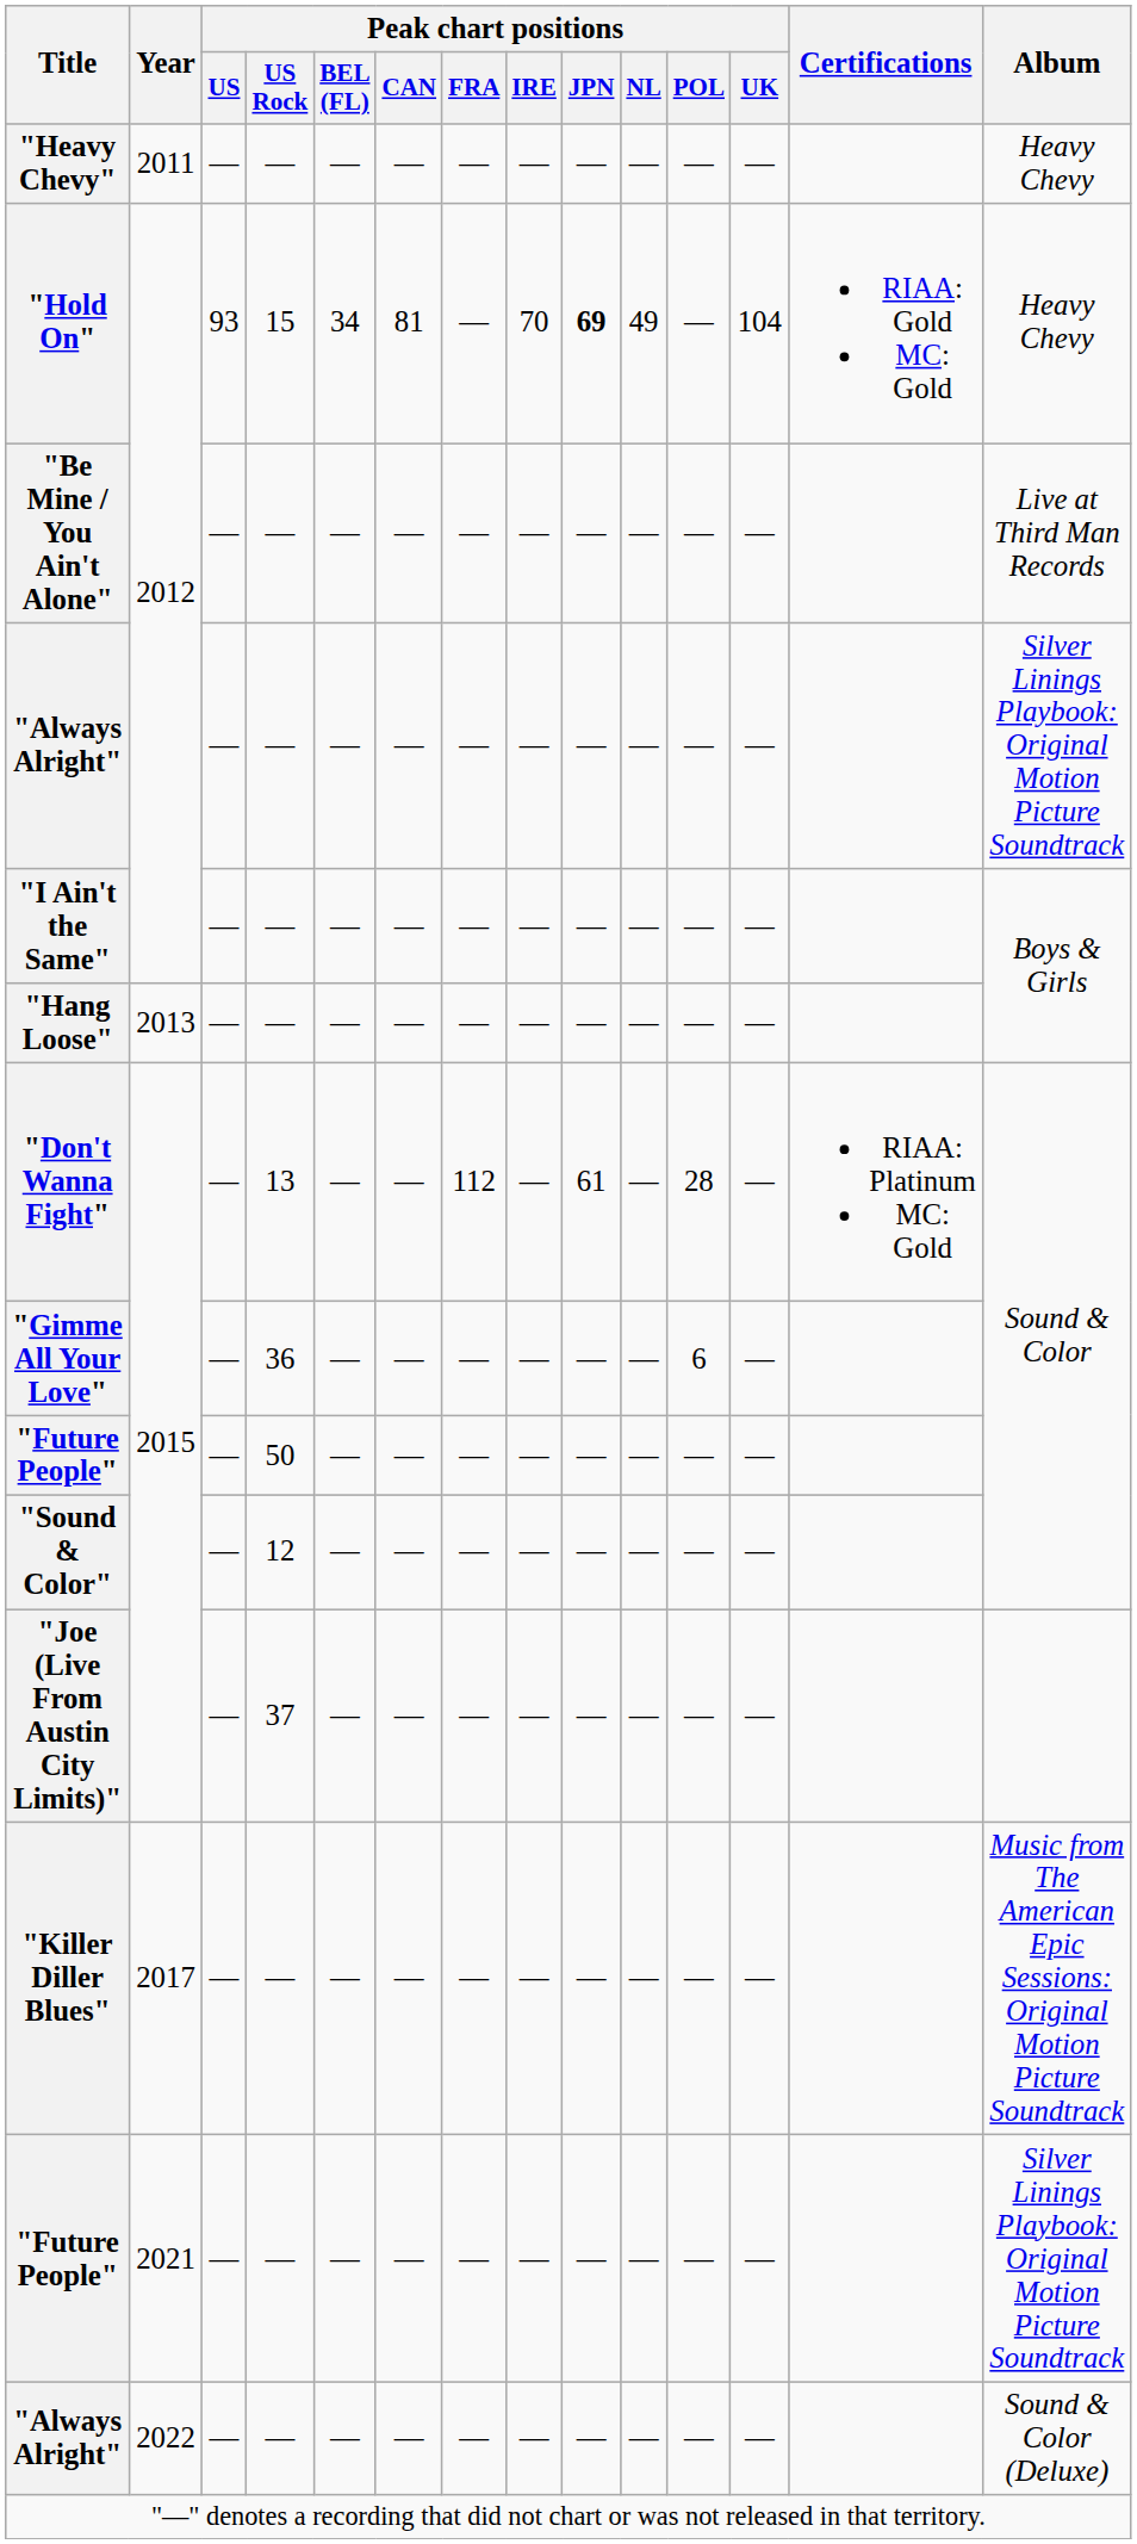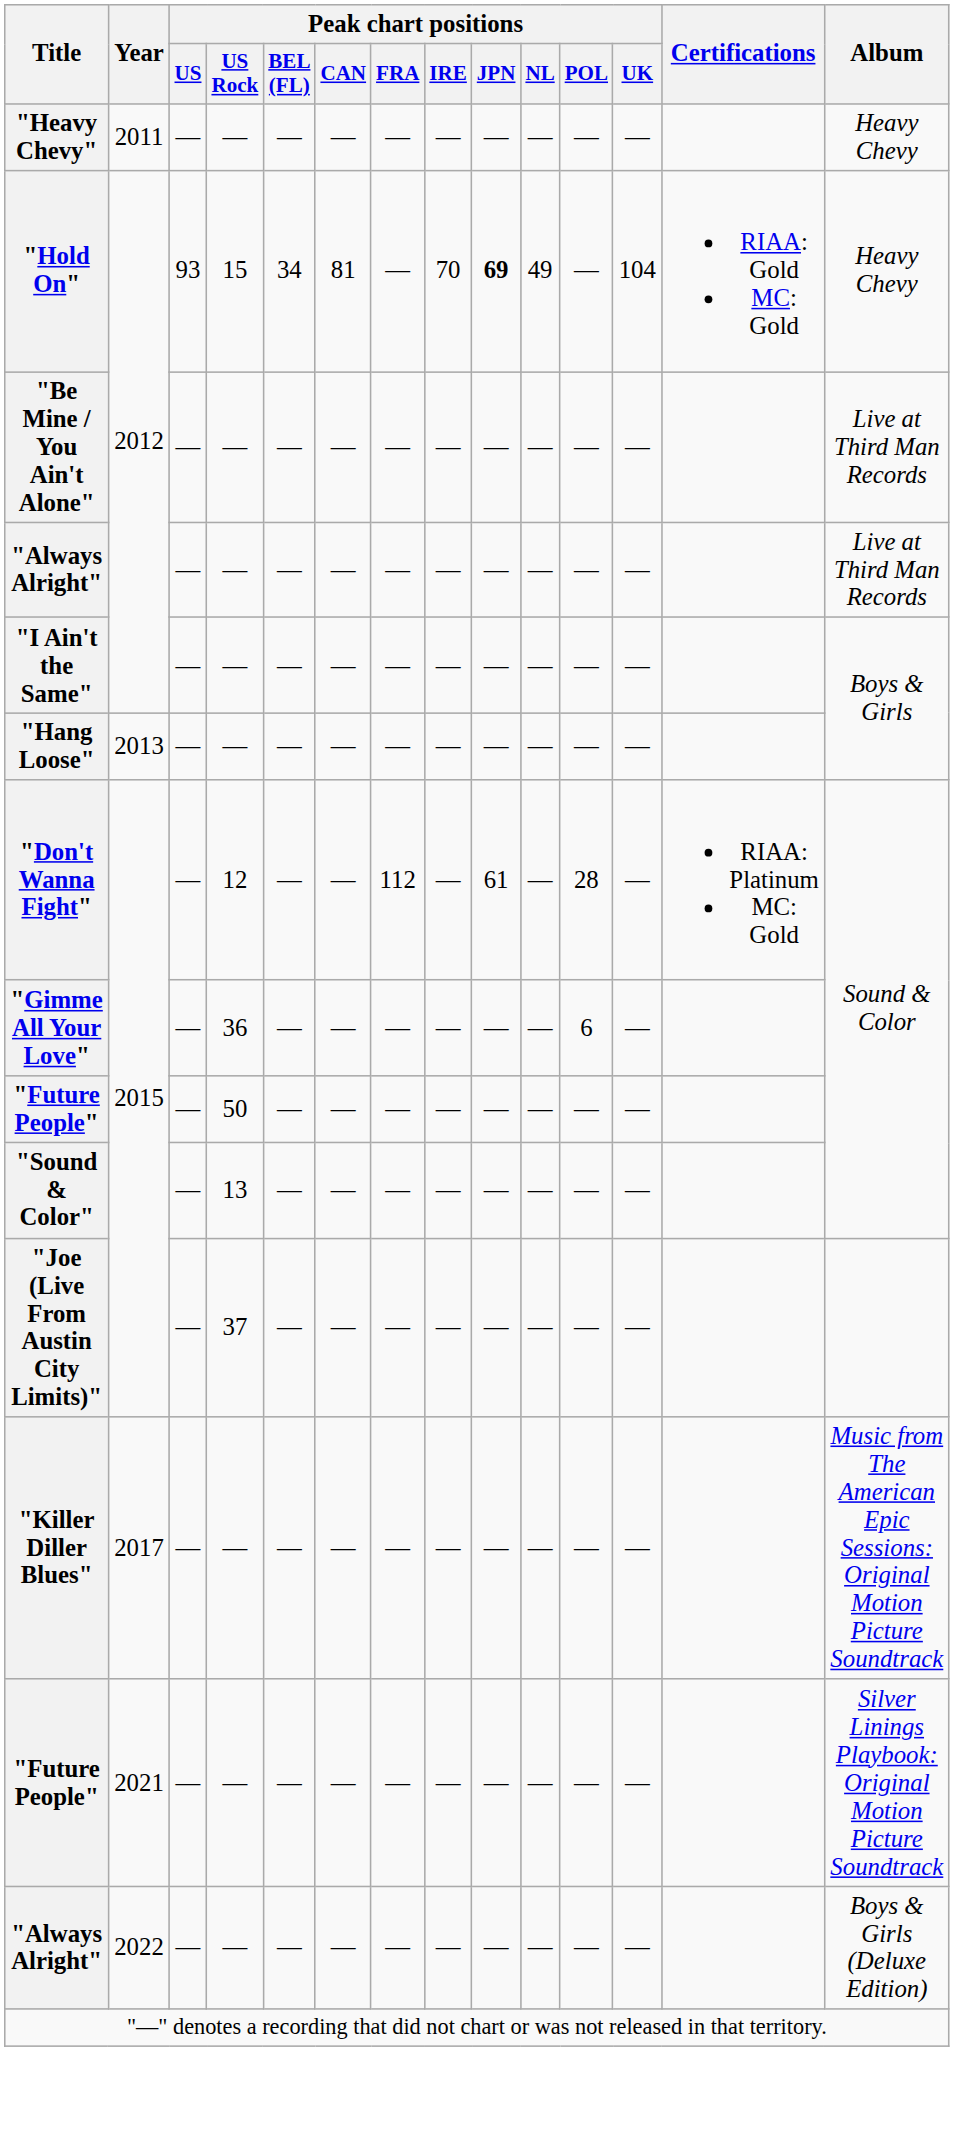 <table class="wikitable plainrowheaders" style="text-align:center;">
 <tr>
 <th scope="col" rowspan="2" style="width:15em;">Title</th>
 <th scope="col" rowspan="2" style="width:2em;">Year</th>
 <th scope="col" colspan="10">Peak chart positions</th>
 <th scope="col" rowspan="2" style="width:10em;"><a href='#'>Certifications</a></th>
 <th scope="col" rowspan="2" style="width:22em;">Album</th>
 </tr>
 <tr>
 <th scope="col" style="width:3em;font-size:85%;"><a href='#'>US</a><br></th>
 <th scope="col" style="width:3em;font-size:85%;"><a href='#'>US<br>Rock</a><br></th>
 <th scope="col" style="width:3em;font-size:85%;"><a href='#'>BEL<br>(FL)</a><br></th>
 <th scope="col" style="width:3em;font-size:85%;"><a href='#'>CAN</a><br></th>
 <th scope="col" style="width:3em;font-size:85%;"><a href='#'>FRA</a><br></th>
 <th scope="col" style="width:3em;font-size:85%;"><a href='#'>IRE</a><br></th>
 <th scope="col" style="width:3em;font-size:85%;"><a href='#'>JPN</a><br></th>
 <th scope="col" style="width:3em;font-size:85%;"><a href='#'>NL</a><br></th>
 <th scope="col" style="width:3em;font-size:85%;"><a href='#'>POL</a><br></th>
 <th scope="col" style="width:3em;font-size:85%;"><a href='#'>UK</a><br></th>
 </tr>
 <tr>
 <th scope="row">"Heavy Chevy"</th>
 <td>2011</td>
 <td>—</td>
 <td>—</td>
 <td>—</td>
 <td>—</td>
 <td>—</td>
 <td>—</td>
 <td>—</td>
 <td>—</td>
 <td>—</td>
 <td>—</td>
 <td></td>
 <td><em>Heavy Chevy</em></td>
 </tr>
 <tr>
 <th scope="row">"<a href='#'>Hold On</a>"</th>
 <td rowspan="4">2012</td>
 <td>93</td>
 <td>15</td>
 <td>34</td>
 <td>81</td>
 <td>—</td>
 <td>70</td>
 <td><strong>69</strong></td>
 <td>49</td>
 <td>—</td>
 <td>104</td>
 <td><br><ul><li><a href='#'>RIAA</a>: Gold</li><li><a href='#'>MC</a>: Gold</li></ul></td>
 <td><em>Heavy Chevy</em></td>
 </tr>
 <tr>
 <th scope="row">"Be Mine / You Ain't Alone"</th>
 <td>—</td>
 <td>—</td>
 <td>—</td>
 <td>—</td>
 <td>—</td>
 <td>—</td>
 <td>—</td>
 <td>—</td>
 <td>—</td>
 <td>—</td>
 <td></td>
 <td><em>Live at Third Man Records</em></td>
 </tr>
 <tr>
 <th scope="row">"Always Alright"</th>
 <td>—</td>
 <td>—</td>
 <td>—</td>
 <td>—</td>
 <td>—</td>
 <td>—</td>
 <td>—</td>
 <td>—</td>
 <td>—</td>
 <td>—</td>
 <td></td>
-<td><em><a href='#'>Silver Linings Playbook: Original Motion Picture Soundtrack</a></em></td>
+<td><em>Live at Third Man Records</em></td>
 </tr>
 <tr>
 <th scope="row">"I Ain't the Same"</th>
 <td>—</td>
 <td>—</td>
 <td>—</td>
 <td>—</td>
 <td>—</td>
 <td>—</td>
 <td>—</td>
 <td>—</td>
 <td>—</td>
 <td>—</td>
 <td></td>
 <td rowspan="2"><em>Boys & Girls</em></td>
 </tr>
 <tr>
 <th scope="row">"Hang Loose"</th>
 <td>2013</td>
 <td>—</td>
 <td>—</td>
 <td>—</td>
 <td>—</td>
 <td>—</td>
 <td>—</td>
 <td>—</td>
 <td>—</td>
 <td>—</td>
 <td>—</td>
 <td></td>
 </tr>
 <tr>
 <th scope="row">"<a href='#'>Don't Wanna Fight</a>"</th>
 <td rowspan="5">2015</td>
 <td>—</td>
-<td>13</td>
+<td>12</td>
 <td>—</td>
 <td>—</td>
 <td>112</td>
 <td>—</td>
 <td>61</td>
 <td>—</td>
 <td>28</td>
 <td>—</td>
 <td><br><ul><li>RIAA: Platinum</li><li>MC: Gold</li></ul></td>
 <td rowspan="4"><em>Sound & Color</em></td>
 </tr>
 <tr>
 <th scope="row">"<a href='#'>Gimme All Your Love</a>"</th>
 <td>—</td>
 <td>36</td>
 <td>—</td>
 <td>—</td>
 <td>—</td>
 <td>—</td>
 <td>—</td>
 <td>—</td>
 <td>6</td>
 <td>—</td>
 <td></td>
 </tr>
 <tr>
 <th scope="row">"<a href='#'>Future People</a>"</th>
 <td>—</td>
 <td>50</td>
 <td>—</td>
 <td>—</td>
 <td>—</td>
 <td>—</td>
 <td>—</td>
 <td>—</td>
 <td>—</td>
 <td>—</td>
 <td></td>
 </tr>
 <tr>
 <th scope="row">"Sound & Color"</th>
 <td>—</td>
-<td>12</td>
+<td>13</td>
 <td>—</td>
 <td>—</td>
 <td>—</td>
 <td>—</td>
 <td>—</td>
 <td>—</td>
 <td>—</td>
 <td>—</td>
 <td></td>
 </tr>
 <tr>
 <th scope="row">"Joe (Live From Austin City Limits)"</th>
 <td>—</td>
 <td>37</td>
 <td>—</td>
 <td>—</td>
 <td>—</td>
 <td>—</td>
 <td>—</td>
 <td>—</td>
 <td>—</td>
 <td>—</td>
 <td></td>
 <td><em></em></td>
 </tr>
 <tr>
 <th scope="row">"Killer Diller Blues"</th>
 <td>2017</td>
 <td>—</td>
 <td>—</td>
 <td>—</td>
 <td>—</td>
 <td>—</td>
 <td>—</td>
 <td>—</td>
 <td>—</td>
 <td>—</td>
 <td>—</td>
 <td></td>
 <td><em><a href='#'>Music from The American Epic Sessions: Original Motion Picture Soundtrack</a></em></td>
 </tr>
 <tr>
 <th scope="row">"Future People"<br></th>
 <td>2021</td>
 <td>—</td>
 <td>—</td>
 <td>—</td>
 <td>—</td>
 <td>—</td>
 <td>—</td>
 <td>—</td>
 <td>—</td>
 <td>—</td>
 <td>—</td>
 <td></td>
 <td><em><a href='#'>Silver Linings Playbook: Original Motion Picture Soundtrack</a></em></td>
 </tr>
 <tr>
 <th scope="row">"Always Alright"<br></th>
 <td>2022</td>
 <td>—</td>
 <td>—</td>
 <td>—</td>
 <td>—</td>
 <td>—</td>
 <td>—</td>
 <td>—</td>
 <td>—</td>
 <td>—</td>
 <td>—</td>
 <td></td>
-<td><em>Sound & Color (Deluxe)</em></td>
+<td><em>Boys & Girls (Deluxe Edition)</em></td>
 </tr>
 <tr>
 <td colspan="16" style="font-size:90%">"—" denotes a recording that did not chart or was not released in that territory.</td>
 </tr>
 </table>
